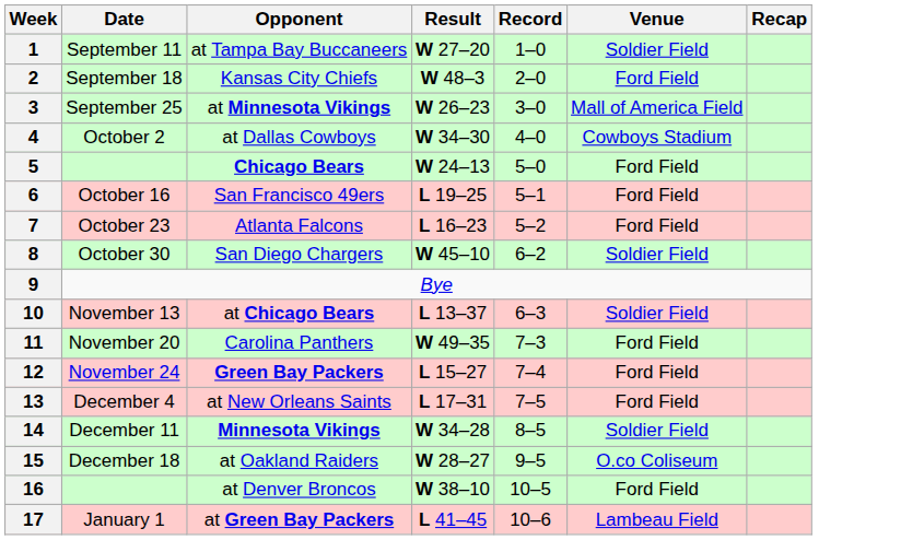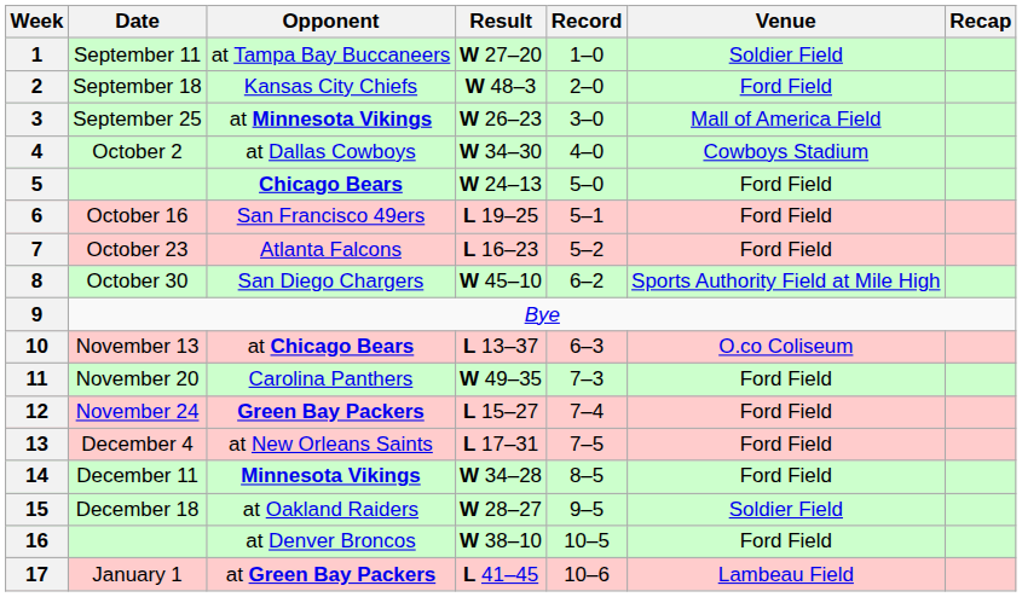 <table class="wikitable" style="text-align:center">
 <tr>
 <th>Week</th>
 <th>Date</th>
 <th>Opponent</th>
 <th>Result</th>
 <th>Record</th>
 <th>Venue</th>
 <th>Recap</th>
 </tr>
 <tr style="background:#cfc">
 <th>1</th>
 <td>September 11</td>
 <td>at <a href='#'>Tampa Bay Buccaneers</a></td>
 <td><strong>W</strong> 27–20</td>
 <td>1–0</td>
 <td><a href='#'>Soldier Field</a></td>
 <td></td>
 </tr>
 <tr style="background:#cfc">
 <th>2</th>
 <td>September 18</td>
 <td><a href='#'>Kansas City Chiefs</a></td>
 <td><strong>W</strong> 48–3</td>
 <td>2–0</td>
 <td><a href='#'>Ford Field</a></td>
 <td></td>
 </tr>
 <tr style="background:#cfc">
 <th>3</th>
 <td>September 25</td>
 <td>at <strong><a href='#'>Minnesota Vikings</a></strong></td>
 <td><strong>W</strong> 26–23 </td>
 <td>3–0</td>
 <td><a href='#'>Mall of America Field</a></td>
 <td></td>
 </tr>
 <tr style="background:#cfc">
 <th>4</th>
 <td>October 2</td>
 <td>at <a href='#'>Dallas Cowboys</a></td>
 <td><strong>W</strong> 34–30</td>
 <td>4–0</td>
 <td><a href='#'>Cowboys Stadium</a></td>
 <td></td>
 </tr>
 <tr style="background:#cfc">
 <th>5</th>
 <td></td>
 <td><strong><a href='#'>Chicago Bears</a></strong></td>
 <td><strong>W</strong> 24–13</td>
 <td>5–0</td>
 <td>Ford Field</td>
 <td></td>
 </tr>
 <tr style="background:#fcc">
 <th>6</th>
 <td>October 16</td>
 <td><a href='#'>San Francisco 49ers</a></td>
 <td><strong>L</strong> 19–25</td>
 <td>5–1</td>
 <td>Ford Field</td>
 <td></td>
 </tr>
 <tr style="background:#fcc">
 <th>7</th>
 <td>October 23</td>
 <td><a href='#'>Atlanta Falcons</a></td>
 <td><strong>L</strong> 16–23</td>
 <td>5–2</td>
 <td>Ford Field</td>
 <td></td>
 </tr>
 <tr style="background:#cfc">
 <th>8</th>
 <td>October 30</td>
 <td><a href='#'>San Diego Chargers</a></td>
 <td><strong>W</strong> 45–10</td>
 <td>6–2</td>
-<td><a href='#'>Soldier Field</a></td>
+<td><a href='#'>Sports Authority Field at Mile High</a></td>
 <td></td>
 </tr>
 <tr>
 <th>9</th>
 <td colspan="6"><em><a href='#'>Bye</a></em></td>
 </tr>
 <tr style="background:#fcc">
 <th>10</th>
 <td>November 13</td>
 <td>at <strong><a href='#'>Chicago Bears</a></strong></td>
 <td><strong>L</strong> 13–37</td>
 <td>6–3</td>
-<td><a href='#'>Soldier Field</a></td>
+<td><a href='#'>O.co Coliseum</a></td>
 <td></td>
 </tr>
 <tr style="background:#cfc">
 <th>11</th>
 <td>November 20</td>
 <td><a href='#'>Carolina Panthers</a></td>
 <td><strong>W</strong> 49–35</td>
 <td>7–3</td>
 <td>Ford Field</td>
 <td></td>
 </tr>
 <tr style="background:#fcc">
 <th>12</th>
 <td><a href='#'>November 24</a></td>
 <td><strong><a href='#'>Green Bay Packers</a></strong></td>
 <td><strong>L</strong> 15–27</td>
 <td>7–4</td>
 <td>Ford Field</td>
 <td></td>
 </tr>
 <tr style="background:#fcc">
 <th>13</th>
 <td>December 4</td>
 <td>at <a href='#'>New Orleans Saints</a></td>
 <td><strong>L</strong> 17–31</td>
 <td>7–5</td>
 <td>Ford Field</td>
 <td></td>
 </tr>
 <tr style="background:#cfc">
 <th>14</th>
 <td>December 11</td>
 <td><strong><a href='#'>Minnesota Vikings</a></strong></td>
 <td><strong>W</strong> 34–28</td>
 <td>8–5</td>
-<td><a href='#'>Soldier Field</a></td>
+<td>Ford Field</td>
 <td></td>
 </tr>
 <tr style="background:#cfc">
 <th>15</th>
 <td>December 18</td>
 <td>at <a href='#'>Oakland Raiders</a></td>
 <td><strong>W</strong> 28–27</td>
 <td>9–5</td>
-<td><a href='#'>O.co Coliseum</a></td>
+<td><a href='#'>Soldier Field</a></td>
 <td></td>
 </tr>
 <tr style="background:#cfc">
 <th>16</th>
 <td></td>
 <td>at <a href='#'>Denver Broncos</a></td>
 <td><strong>W</strong> 38–10</td>
 <td>10–5</td>
 <td>Ford Field</td>
 <td></td>
 </tr>
 <tr style="background:#fcc">
 <th>17</th>
 <td>January 1</td>
 <td>at <strong><a href='#'>Green Bay Packers</a></strong></td>
 <td><strong>L</strong> <a href='#'>41–45</a></td>
 <td>10–6</td>
 <td><a href='#'>Lambeau Field</a></td>
 <td></td>
 </tr>
 </table>
